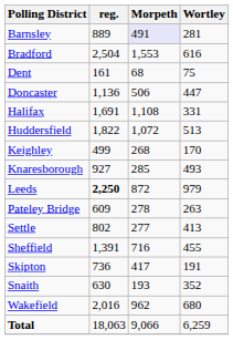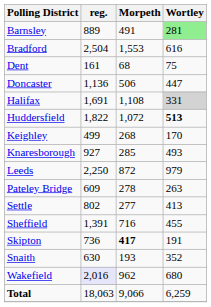 <table class="wikitable">
 <tr>
 <th>Polling District</th>
 <th>reg.</th>
 <th>Morpeth</th>
 <th>Wortley</th>
 </tr>
 <tr>
 <td><a href='#'>Barnsley</a></td>
 <td>889</td>
-<td style="background: lavender;">491</td>
-<td>281</td>
+<td>491</td>
+<td style="background: lightgreen;">281</td>
 </tr>
 <tr>
 <td><a href='#'>Bradford</a></td>
 <td>2,504</td>
 <td>1,553</td>
 <td>616</td>
 </tr>
 <tr>
 <td><a href='#'>Dent</a></td>
 <td>161</td>
 <td>68</td>
 <td>75</td>
 </tr>
 <tr>
 <td><a href='#'>Doncaster</a></td>
 <td>1,136</td>
 <td>506</td>
 <td>447</td>
 </tr>
 <tr>
 <td><a href='#'>Halifax</a></td>
 <td>1,691</td>
 <td>1,108</td>
-<td>331</td>
+<td style="background: lightgrey;">331</td>
 </tr>
 <tr>
 <td><a href='#'>Huddersfield</a></td>
 <td>1,822</td>
 <td>1,072</td>
-<td>513</td>
+<td><strong>513</strong></td>
 </tr>
 <tr>
 <td><a href='#'>Keighley</a></td>
 <td>499</td>
 <td>268</td>
 <td>170</td>
 </tr>
 <tr>
 <td><a href='#'>Knaresborough</a></td>
 <td>927</td>
 <td>285</td>
 <td>493</td>
 </tr>
 <tr>
 <td><a href='#'>Leeds</a></td>
-<td><strong>2,250</strong></td>
+<td>2,250</td>
 <td>872</td>
 <td>979</td>
 </tr>
 <tr>
 <td><a href='#'>Pateley Bridge</a></td>
 <td>609</td>
 <td>278</td>
 <td>263</td>
 </tr>
 <tr>
 <td><a href='#'>Settle</a></td>
 <td>802</td>
 <td>277</td>
 <td>413</td>
 </tr>
 <tr>
 <td><a href='#'>Sheffield</a></td>
 <td>1,391</td>
 <td>716</td>
 <td>455</td>
 </tr>
 <tr>
 <td><a href='#'>Skipton</a></td>
 <td>736</td>
-<td>417</td>
+<td><strong>417</strong></td>
 <td>191</td>
 </tr>
 <tr>
 <td><a href='#'>Snaith</a></td>
 <td>630</td>
 <td>193</td>
 <td>352</td>
 </tr>
 <tr>
 <td><a href='#'>Wakefield</a></td>
-<td>2,016</td>
+<td style="background: lavender;">2,016</td>
 <td>962</td>
 <td>680</td>
 </tr>
 <tr>
 <td><strong>Total</strong></td>
 <td>18,063</td>
 <td>9,066</td>
 <td>6,259</td>
 </tr>
 <tr>
 </tr>
 </table>
